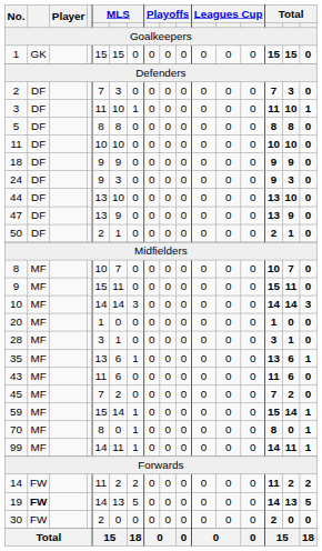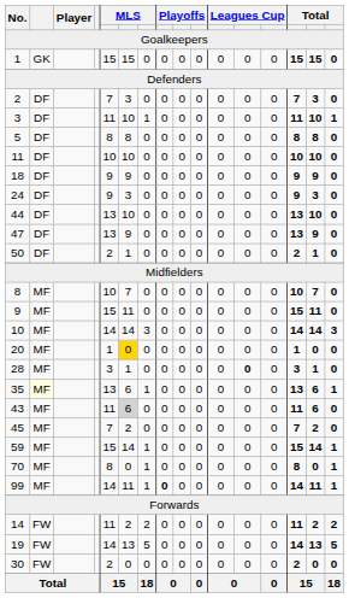 <table class="wikitable mw-datatable sortable nowrap" style="text-align:center; font-size:96%;">
 <tr>
 <th rowspan="2">No.</th>
 <th rowspan="2"></th>
 <th rowspan="2">Player</th>
 <th rowspan="2" style="border-right: 1pt black solid"></th>
 <th colspan="3" style="border-right: 1pt black solid"><a href='#'>MLS</a></th>
 <th colspan="3" style="border-right: 1pt black solid"><a href='#'>Playoffs</a></th>
 <th colspan="3" style="border-right: 1pt black solid"><a href='#'>Leagues Cup</a></th>
 <th colspan="3">Total</th>
 </tr>
 <tr>
 <th></th>
 <th></th>
 <th style="border-right: 1pt black solid"></th>
 <th></th>
 <th></th>
 <th style="border-right: 1pt black solid"></th>
 <th></th>
 <th></th>
 <th style="border-right: 1pt black solid"></th>
 <th></th>
 <th></th>
 <th></th>
 </tr>
 <tr bgcolor=efefef class="sortbottom">
 <td colspan="16">Goalkeepers</td>
 </tr>
 <tr>
 <td>1</td>
 <td>GK</td>
 <td style="text-align:left"></td>
 <td style="border-right: 1pt black solid"></td>
 <td>15</td>
 <td>15</td>
 <td style="border-right: 1pt black solid">0</td>
 <td>0</td>
 <td>0</td>
 <td style="border-right: 1pt black solid">0</td>
 <td>0</td>
 <td>0</td>
 <td style="border-right: 1pt black solid">0</td>
 <td><strong>15</strong></td>
 <td><strong>15</strong></td>
 <td><strong>0</strong></td>
 </tr>
 <tr>
 </tr>
 <tr bgcolor=efefef class="sortbottom">
 <td colspan="16">Defenders</td>
 </tr>
 <tr>
 <td>2</td>
 <td>DF</td>
 <td style="text-align:left"></td>
 <td style="border-right: 1pt black solid"></td>
 <td>7</td>
 <td>3</td>
 <td style="border-right: 1pt black solid">0</td>
 <td>0</td>
 <td>0</td>
 <td style="border-right: 1pt black solid">0</td>
 <td>0</td>
 <td>0</td>
 <td style="border-right: 1pt black solid">0</td>
 <td><strong>7</strong></td>
 <td><strong>3</strong></td>
 <td><strong>0</strong></td>
 </tr>
 <tr>
 <td>3</td>
 <td>DF</td>
 <td style="text-align:left"></td>
 <td style="border-right: 1pt black solid"></td>
 <td>11</td>
 <td>10</td>
 <td style="border-right: 1pt black solid">1</td>
 <td>0</td>
 <td>0</td>
 <td style="border-right: 1pt black solid">0</td>
 <td>0</td>
 <td>0</td>
 <td style="border-right: 1pt black solid">0</td>
 <td><strong>11</strong></td>
 <td><strong>10</strong></td>
 <td><strong>1</strong></td>
 </tr>
 <tr>
 <td>5</td>
 <td>DF</td>
 <td style="text-align:left"></td>
 <td style="border-right: 1pt black solid"></td>
 <td>8</td>
 <td>8</td>
 <td style="border-right: 1pt black solid">0</td>
 <td>0</td>
 <td>0</td>
 <td style="border-right: 1pt black solid">0</td>
 <td>0</td>
 <td>0</td>
 <td style="border-right: 1pt black solid">0</td>
 <td><strong>8</strong></td>
 <td><strong>8</strong></td>
 <td><strong>0</strong></td>
 </tr>
 <tr>
 <td>11</td>
 <td>DF</td>
 <td style="text-align:left"></td>
 <td style="border-right: 1pt black solid"></td>
 <td>10</td>
 <td>10</td>
 <td style="border-right: 1pt black solid">0</td>
 <td>0</td>
 <td>0</td>
 <td style="border-right: 1pt black solid">0</td>
 <td>0</td>
 <td>0</td>
 <td style="border-right: 1pt black solid">0</td>
 <td><strong>10</strong></td>
 <td><strong>10</strong></td>
 <td><strong>0</strong></td>
 </tr>
 <tr>
 <td>18</td>
 <td>DF</td>
 <td style="text-align:left"></td>
 <td style="border-right: 1pt black solid"></td>
 <td>9</td>
 <td>9</td>
 <td style="border-right: 1pt black solid">0</td>
 <td>0</td>
 <td>0</td>
 <td style="border-right: 1pt black solid">0</td>
 <td>0</td>
 <td>0</td>
 <td style="border-right: 1pt black solid">0</td>
 <td><strong>9</strong></td>
 <td><strong>9</strong></td>
 <td><strong>0</strong></td>
 </tr>
 <tr>
 <td>24</td>
 <td>DF</td>
 <td style="text-align:left"></td>
 <td style="border-right: 1pt black solid"></td>
 <td>9</td>
 <td>3</td>
 <td style="border-right: 1pt black solid">0</td>
 <td>0</td>
 <td>0</td>
 <td style="border-right: 1pt black solid">0</td>
 <td>0</td>
 <td>0</td>
 <td style="border-right: 1pt black solid">0</td>
 <td><strong>9</strong></td>
 <td><strong>3</strong></td>
 <td><strong>0</strong></td>
 </tr>
 <tr>
 <td>44</td>
 <td>DF</td>
 <td style="text-align:left"></td>
 <td style="border-right: 1pt black solid"></td>
 <td>13</td>
 <td>10</td>
 <td style="border-right: 1pt black solid">0</td>
 <td>0</td>
 <td>0</td>
 <td style="border-right: 1pt black solid">0</td>
 <td>0</td>
 <td>0</td>
 <td style="border-right: 1pt black solid">0</td>
 <td><strong>13</strong></td>
 <td><strong>10</strong></td>
 <td><strong>0</strong></td>
 </tr>
 <tr>
 <td>47</td>
 <td>DF</td>
 <td style="text-align:left"></td>
 <td style="border-right: 1pt black solid"></td>
 <td>13</td>
 <td>9</td>
 <td style="border-right: 1pt black solid">0</td>
 <td>0</td>
 <td>0</td>
 <td style="border-right: 1pt black solid">0</td>
 <td>0</td>
 <td>0</td>
 <td style="border-right: 1pt black solid">0</td>
 <td><strong>13</strong></td>
 <td><strong>9</strong></td>
 <td><strong>0</strong></td>
 </tr>
 <tr>
 <td>50</td>
 <td>DF</td>
 <td style="text-align:left"></td>
 <td style="border-right: 1pt black solid"></td>
 <td>2</td>
 <td>1</td>
 <td style="border-right: 1pt black solid">0</td>
 <td>0</td>
 <td>0</td>
 <td style="border-right: 1pt black solid">0</td>
 <td>0</td>
 <td>0</td>
 <td style="border-right: 1pt black solid">0</td>
 <td><strong>2</strong></td>
 <td><strong>1</strong></td>
 <td><strong>0</strong></td>
 </tr>
 <tr>
 </tr>
 <tr bgcolor=efefef class="sortbottom">
 <td colspan="16">Midfielders</td>
 </tr>
 <tr>
 <td>8</td>
 <td>MF</td>
 <td style="text-align:left"></td>
 <td style="border-right: 1pt black solid"></td>
 <td>10</td>
 <td>7</td>
 <td style="border-right: 1pt black solid">0</td>
 <td>0</td>
 <td>0</td>
 <td style="border-right: 1pt black solid">0</td>
 <td>0</td>
 <td>0</td>
 <td style="border-right: 1pt black solid">0</td>
 <td><strong>10</strong></td>
 <td><strong>7</strong></td>
 <td><strong>0</strong></td>
 </tr>
 <tr>
 <td>9</td>
 <td>MF</td>
 <td style="text-align:left"></td>
 <td style="border-right: 1pt black solid"></td>
 <td>15</td>
 <td>11</td>
 <td style="border-right: 1pt black solid">0</td>
 <td>0</td>
 <td>0</td>
 <td style="border-right: 1pt black solid">0</td>
 <td>0</td>
 <td>0</td>
 <td style="border-right: 1pt black solid">0</td>
 <td><strong>15</strong></td>
 <td><strong>11</strong></td>
 <td><strong>0</strong></td>
 </tr>
 <tr>
 <td>10</td>
 <td>MF</td>
 <td style="text-align:left"></td>
 <td style="border-right: 1pt black solid"></td>
 <td>14</td>
 <td>14</td>
 <td style="border-right: 1pt black solid">3</td>
 <td>0</td>
 <td>0</td>
 <td style="border-right: 1pt black solid">0</td>
 <td>0</td>
 <td>0</td>
 <td style="border-right: 1pt black solid">0</td>
 <td><strong>14</strong></td>
 <td><strong>14</strong></td>
 <td><strong>3</strong></td>
 </tr>
 <tr>
 <td>20</td>
 <td>MF</td>
 <td style="text-align:left"></td>
 <td style="border-right: 1pt black solid"></td>
 <td>1</td>
-<td>0</td>
+<td style="background: gold;">0</td>
 <td style="border-right: 1pt black solid">0</td>
 <td>0</td>
 <td>0</td>
 <td style="border-right: 1pt black solid">0</td>
 <td>0</td>
 <td>0</td>
 <td style="border-right: 1pt black solid">0</td>
 <td><strong>1</strong></td>
 <td><strong>0</strong></td>
 <td><strong>0</strong></td>
 </tr>
 <tr>
 <td>28</td>
 <td>MF</td>
 <td style="text-align:left"></td>
 <td style="border-right: 1pt black solid"></td>
 <td>3</td>
 <td>1</td>
 <td style="border-right: 1pt black solid">0</td>
 <td>0</td>
 <td>0</td>
 <td style="border-right: 1pt black solid">0</td>
 <td>0</td>
-<td>0</td>
+<td><strong>0</strong></td>
 <td style="border-right: 1pt black solid">0</td>
 <td><strong>3</strong></td>
 <td><strong>1</strong></td>
 <td><strong>0</strong></td>
 </tr>
 <tr>
 <td>35</td>
-<td>MF</td>
+<td style="background: lightyellow;">MF</td>
 <td style="text-align:left"></td>
 <td style="border-right: 1pt black solid"></td>
 <td>13</td>
 <td>6</td>
 <td style="border-right: 1pt black solid">1</td>
 <td>0</td>
 <td>0</td>
 <td style="border-right: 1pt black solid">0</td>
 <td>0</td>
 <td>0</td>
 <td style="border-right: 1pt black solid">0</td>
 <td><strong>13</strong></td>
 <td><strong>6</strong></td>
 <td><strong>1</strong></td>
 </tr>
 <tr>
 <td>43</td>
 <td>MF</td>
 <td style="text-align:left"></td>
 <td style="border-right: 1pt black solid"></td>
 <td>11</td>
-<td>6</td>
+<td style="background: lightgrey;">6</td>
 <td style="border-right: 1pt black solid">0</td>
 <td>0</td>
 <td>0</td>
 <td style="border-right: 1pt black solid">0</td>
 <td>0</td>
 <td>0</td>
 <td style="border-right: 1pt black solid">0</td>
 <td><strong>11</strong></td>
 <td><strong>6</strong></td>
 <td><strong>0</strong></td>
 </tr>
 <tr>
 <td>45</td>
 <td>MF</td>
 <td style="text-align:left"></td>
 <td style="border-right: 1pt black solid"></td>
 <td>7</td>
 <td>2</td>
 <td style="border-right: 1pt black solid">0</td>
 <td>0</td>
 <td>0</td>
 <td style="border-right: 1pt black solid">0</td>
 <td>0</td>
 <td>0</td>
 <td style="border-right: 1pt black solid">0</td>
 <td><strong>7</strong></td>
 <td><strong>2</strong></td>
 <td><strong>0</strong></td>
 </tr>
 <tr>
 <td>59</td>
 <td>MF</td>
 <td style="text-align:left"></td>
 <td style="border-right: 1pt black solid"></td>
 <td>15</td>
 <td>14</td>
 <td style="border-right: 1pt black solid">1</td>
 <td>0</td>
 <td>0</td>
 <td style="border-right: 1pt black solid">0</td>
 <td>0</td>
 <td>0</td>
 <td style="border-right: 1pt black solid">0</td>
 <td><strong>15</strong></td>
 <td><strong>14</strong></td>
 <td><strong>1</strong></td>
 </tr>
 <tr>
 <td>70</td>
 <td>MF</td>
 <td style="text-align:left"></td>
 <td style="border-right: 1pt black solid"></td>
 <td>8</td>
 <td>0</td>
 <td style="border-right: 1pt black solid">1</td>
 <td>0</td>
 <td>0</td>
 <td style="border-right: 1pt black solid">0</td>
 <td>0</td>
 <td>0</td>
 <td style="border-right: 1pt black solid">0</td>
 <td><strong>8</strong></td>
 <td><strong>0</strong></td>
 <td><strong>1</strong></td>
 </tr>
 <tr>
 <td>99</td>
 <td>MF</td>
 <td style="text-align:left"></td>
 <td style="border-right: 1pt black solid"></td>
 <td>14</td>
 <td>11</td>
 <td style="border-right: 1pt black solid">1</td>
-<td>0</td>
+<td><strong>0</strong></td>
 <td>0</td>
 <td style="border-right: 1pt black solid">0</td>
 <td>0</td>
 <td>0</td>
 <td style="border-right: 1pt black solid">0</td>
 <td><strong>14</strong></td>
 <td><strong>11</strong></td>
 <td><strong>1</strong></td>
 </tr>
 <tr>
 </tr>
 <tr bgcolor=efefef class="sortbottom">
 <td colspan="16">Forwards</td>
 </tr>
 <tr>
 <td>14</td>
 <td>FW</td>
 <td style="text-align:left"></td>
 <td style="border-right: 1pt black solid"></td>
 <td>11</td>
 <td>2</td>
 <td style="border-right: 1pt black solid">2</td>
 <td>0</td>
 <td>0</td>
 <td style="border-right: 1pt black solid">0</td>
 <td>0</td>
 <td>0</td>
 <td style="border-right: 1pt black solid">0</td>
 <td><strong>11</strong></td>
 <td><strong>2</strong></td>
 <td><strong>2</strong></td>
 </tr>
 <tr>
 <td>19</td>
-<td><strong>FW</strong></td>
+<td>FW</td>
 <td style="text-align:left"></td>
 <td style="border-right: 1pt black solid"></td>
 <td>14</td>
 <td>13</td>
 <td style="border-right: 1pt black solid">5</td>
 <td>0</td>
 <td>0</td>
 <td style="border-right: 1pt black solid">0</td>
 <td>0</td>
 <td>0</td>
 <td style="border-right: 1pt black solid">0</td>
 <td><strong>14</strong></td>
 <td><strong>13</strong></td>
 <td><strong>5</strong></td>
 </tr>
 <tr>
 <td>30</td>
 <td>FW</td>
 <td style="text-align:left"></td>
 <td style="border-right: 1pt black solid"></td>
 <td>2</td>
 <td>0</td>
 <td style="border-right: 1pt black solid">0</td>
 <td>0</td>
 <td>0</td>
 <td style="border-right: 1pt black solid">0</td>
 <td>0</td>
 <td>0</td>
 <td style="border-right: 1pt black solid">0</td>
 <td><strong>2</strong></td>
 <td><strong>0</strong></td>
 <td><strong>0</strong></td>
 </tr>
 <tr>
 </tr>
 <tr class="sortbottom">
 <th colspan=4 style="border-right: 1pt black solid">Total</th>
 <th colspan=2>15</th>
 <th style="border-right: 1pt black solid">18</th>
 <th colspan=2>0</th>
 <th style="border-right: 1pt black solid">0</th>
 <th colspan=2>0</th>
 <th style="border-right: 1pt black solid">0</th>
 <th colspan=2>15</th>
 <th>18</th>
 </tr>
 </table>
